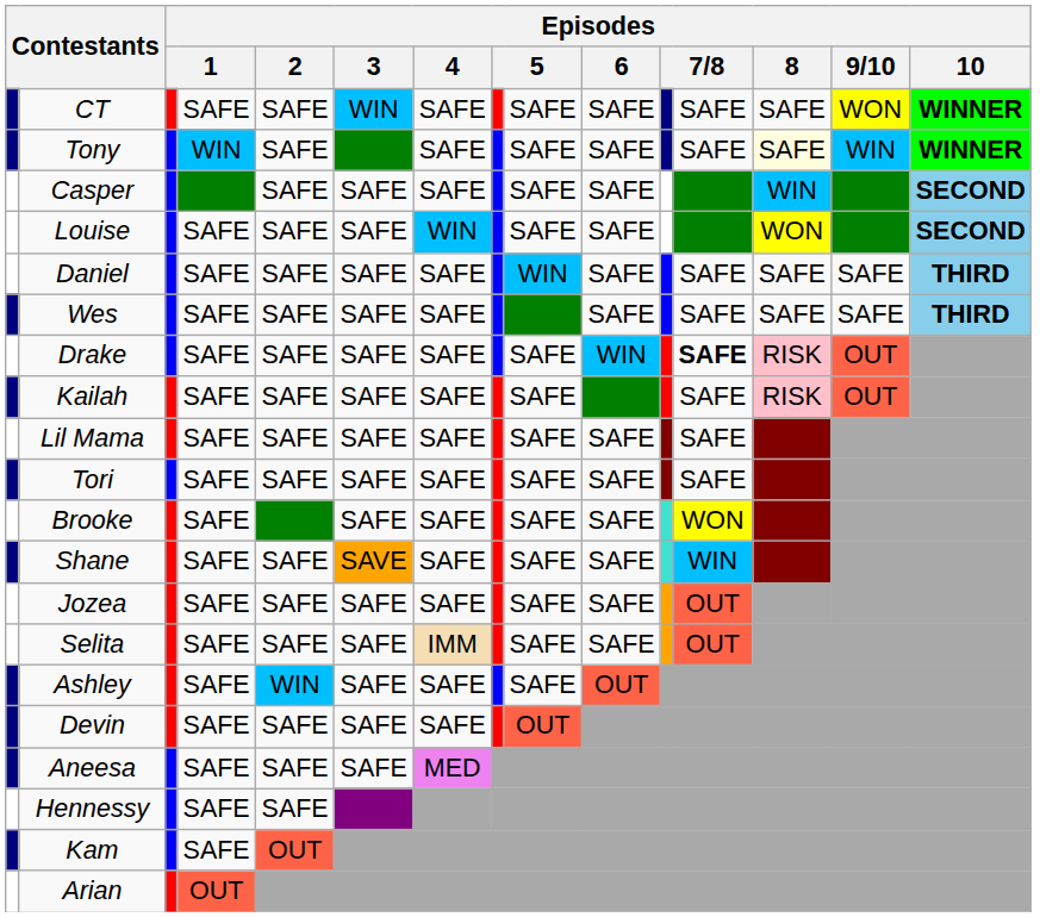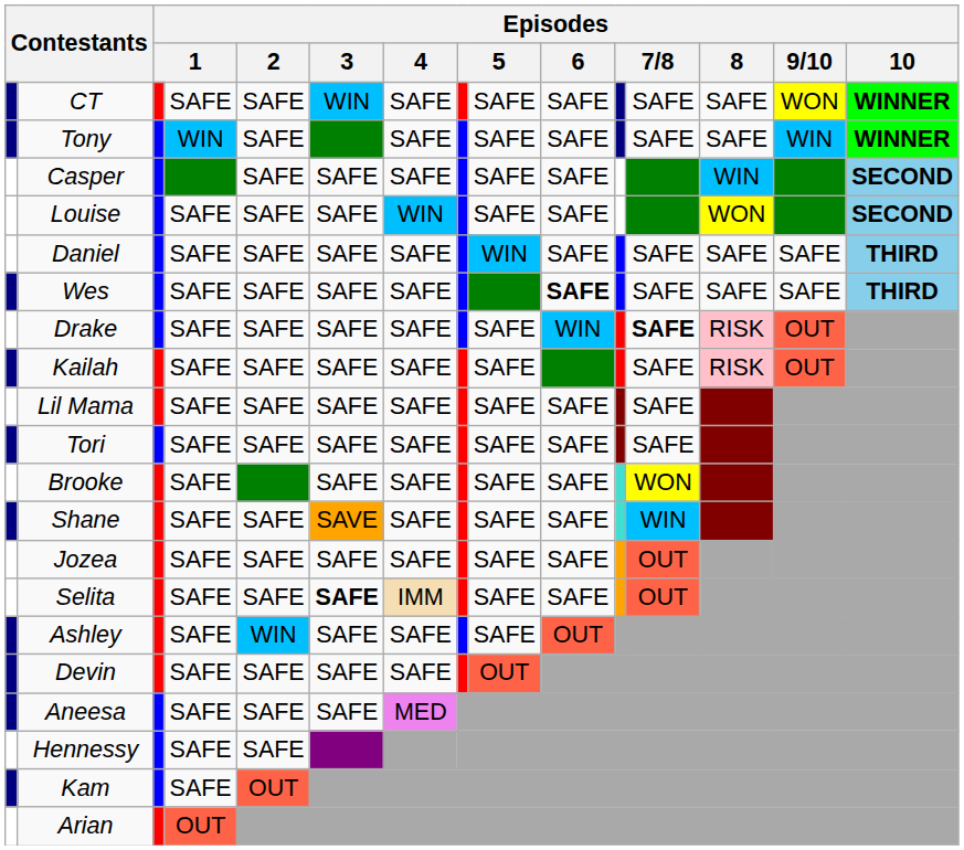 <table class="wikitable" style="text-align:center; font-size:98%">
 <tr>
 <th rowspan=2 colspan=2>Contestants</th>
 <th colspan=13>Episodes</th>
 </tr>
 <tr>
 <th colspan=2>1</th>
 <th>2</th>
 <th>3</th>
 <th>4</th>
 <th colspan=2>5</th>
 <th>6</th>
 <th colspan=2>7/8</th>
 <th>8</th>
 <th>9/10</th>
 <th>10</th>
 </tr>
 <tr>
 <td bgcolor="navy"></td>
 <td nowrap><em>CT</em></td>
 <td bgcolor="red"></td>
 <td>SAFE</td>
 <td>SAFE</td>
 <td bgcolor="deepskyblue">WIN</td>
 <td>SAFE</td>
 <td bgcolor="red"></td>
 <td>SAFE</td>
 <td>SAFE</td>
 <td bgcolor="navy"></td>
 <td>SAFE</td>
 <td>SAFE</td>
 <td bgcolor="yellow">WON</td>
 <td bgcolor="lime"><strong>WINNER</strong></td>
 </tr>
 <tr>
 <td bgcolor="navy"></td>
 <td nowrap><em>Tony</em></td>
 <td bgcolor="blue"></td>
 <td bgcolor="deepskyblue">WIN</td>
 <td>SAFE</td>
 <td bgcolor="green"></td>
 <td>SAFE</td>
 <td bgcolor="blue"></td>
 <td>SAFE</td>
 <td>SAFE</td>
 <td bgcolor="navy"></td>
 <td>SAFE</td>
-<td style="background: lightyellow;">SAFE</td>
+<td>SAFE</td>
 <td bgcolor="deepskyblue">WIN</td>
 <td bgcolor="lime"><strong>WINNER</strong></td>
 </tr>
 <tr>
 <td bgcolor="white"></td>
 <td nowrap><em>Casper</em></td>
 <td bgcolor="blue"></td>
 <td bgcolor="green"></td>
 <td>SAFE</td>
 <td>SAFE</td>
 <td>SAFE</td>
 <td bgcolor="blue"></td>
 <td>SAFE</td>
 <td>SAFE</td>
 <td bgcolor="white"></td>
 <td bgcolor="green"></td>
 <td bgcolor="deepskyblue">WIN</td>
 <td bgcolor="green"></td>
 <td bgcolor="skyblue"><strong>SECOND</strong></td>
 </tr>
 <tr>
 <td bgcolor="white"></td>
 <td nowrap><em>Louise</em></td>
 <td bgcolor="blue"></td>
 <td>SAFE</td>
 <td>SAFE</td>
 <td>SAFE</td>
 <td bgcolor="deepskyblue">WIN</td>
 <td bgcolor="blue"></td>
 <td>SAFE</td>
 <td>SAFE</td>
 <td bgcolor="white"></td>
 <td bgcolor="green"></td>
 <td bgcolor="yellow">WON</td>
 <td bgcolor="green"></td>
 <td bgcolor="skyblue"><strong>SECOND</strong></td>
 </tr>
 <tr>
 <td bgcolor="white"></td>
 <td nowrap><em>Daniel</em></td>
 <td bgcolor="blue"></td>
 <td>SAFE</td>
 <td>SAFE</td>
 <td>SAFE</td>
 <td>SAFE</td>
 <td bgcolor="blue"></td>
 <td bgcolor="deepskyblue">WIN</td>
 <td>SAFE</td>
 <td bgcolor="blue"></td>
 <td>SAFE</td>
 <td>SAFE</td>
 <td>SAFE</td>
 <td bgcolor="skyblue"><strong>THIRD</strong></td>
 </tr>
 <tr>
 <td bgcolor="navy"></td>
 <td nowrap><em>Wes</em></td>
 <td bgcolor="blue"></td>
 <td>SAFE</td>
 <td>SAFE</td>
 <td>SAFE</td>
 <td>SAFE</td>
 <td bgcolor="blue"></td>
 <td bgcolor="green"></td>
-<td>SAFE</td>
+<td><strong>SAFE</strong></td>
 <td bgcolor="blue"></td>
 <td>SAFE</td>
 <td>SAFE</td>
 <td>SAFE</td>
 <td bgcolor="skyblue"><strong>THIRD</strong></td>
 </tr>
 <tr>
 <td bgcolor="white"></td>
 <td nowrap><em>Drake</em></td>
 <td bgcolor="blue"></td>
 <td>SAFE</td>
 <td>SAFE</td>
 <td>SAFE</td>
 <td>SAFE</td>
 <td bgcolor="blue"></td>
 <td>SAFE</td>
 <td bgcolor="deepskyblue">WIN</td>
 <td bgcolor="red"></td>
 <td><strong>SAFE</strong></td>
 <td bgcolor="pink">RISK</td>
 <td bgcolor="tomato">OUT</td>
 <td bgcolor="darkgray" colspan="1"></td>
 </tr>
 <tr>
 <td bgcolor="navy"></td>
 <td nowrap><em>Kailah</em></td>
 <td bgcolor="red"></td>
 <td>SAFE</td>
 <td>SAFE</td>
 <td>SAFE</td>
 <td>SAFE</td>
 <td bgcolor="red"></td>
 <td>SAFE</td>
 <td bgcolor="green"></td>
 <td bgcolor="red"></td>
 <td>SAFE</td>
 <td bgcolor="pink">RISK</td>
 <td bgcolor="tomato">OUT</td>
 <td bgcolor="darkgray" colspan="1"></td>
 </tr>
 <tr>
 <td bgcolor="white"></td>
 <td nowrap><em>Lil Mama</em></td>
 <td bgcolor="red"></td>
 <td>SAFE</td>
 <td>SAFE</td>
 <td>SAFE</td>
 <td>SAFE</td>
 <td bgcolor="red"></td>
 <td>SAFE</td>
 <td>SAFE</td>
 <td bgcolor="maroon"></td>
 <td>SAFE</td>
 <td bgcolor="maroon"></td>
 <td bgcolor="darkgray" colspan="2"></td>
 </tr>
 <tr>
 <td bgcolor="navy"></td>
 <td nowrap><em>Tori</em></td>
 <td bgcolor="blue"></td>
 <td>SAFE</td>
 <td>SAFE</td>
 <td>SAFE</td>
 <td>SAFE</td>
 <td bgcolor="red"></td>
 <td>SAFE</td>
 <td>SAFE</td>
 <td bgcolor="maroon"></td>
 <td>SAFE</td>
 <td bgcolor="maroon"></td>
 <td bgcolor="darkgray" colspan="2"></td>
 </tr>
 <tr>
 <td bgcolor="white"></td>
 <td nowrap><em>Brooke</em></td>
 <td bgcolor="red"></td>
 <td>SAFE</td>
 <td bgcolor="green"></td>
 <td>SAFE</td>
 <td>SAFE</td>
 <td bgcolor="red"></td>
 <td>SAFE</td>
 <td>SAFE</td>
 <td bgcolor="turquoise"></td>
 <td bgcolor="yellow">WON</td>
 <td bgcolor="maroon"></td>
 <td bgcolor="darkgray" colspan="2"></td>
 </tr>
 <tr>
 <td bgcolor="navy"></td>
 <td nowrap><em>Shane</em></td>
 <td bgcolor="red"></td>
 <td>SAFE</td>
 <td>SAFE</td>
 <td bgcolor="orange">SAVE</td>
 <td>SAFE</td>
 <td bgcolor="red"></td>
 <td>SAFE</td>
 <td>SAFE</td>
 <td bgcolor="turquoise"></td>
 <td bgcolor="deepskyblue">WIN</td>
 <td bgcolor="maroon"></td>
 <td bgcolor="darkgray" colspan="2"></td>
 </tr>
 <tr>
 <td bgcolor="white"></td>
 <td nowrap><em>Jozea</em></td>
 <td bgcolor="red"></td>
 <td>SAFE</td>
 <td>SAFE</td>
 <td>SAFE</td>
 <td>SAFE</td>
 <td bgcolor="red"></td>
 <td>SAFE</td>
 <td>SAFE</td>
 <td bgcolor="orange"></td>
 <td bgcolor="tomato">OUT</td>
 <td bgcolor="darkgray"></td>
 <td bgcolor="darkgray" colspan="3"></td>
 </tr>
 <tr>
 <td bgcolor="white"></td>
 <td nowrap><em>Selita</em></td>
 <td bgcolor="red"></td>
 <td>SAFE</td>
 <td>SAFE</td>
-<td>SAFE</td>
+<td><strong>SAFE</strong></td>
 <td bgcolor="wheat">IMM</td>
 <td bgcolor="red"></td>
 <td>SAFE</td>
 <td>SAFE</td>
 <td bgcolor="orange"></td>
 <td bgcolor="tomato">OUT</td>
 <td bgcolor="darkgray" colspan="3"></td>
 </tr>
 <tr>
 <td bgcolor="navy"></td>
 <td nowrap=""><em>Ashley</em></td>
 <td bgcolor="red"></td>
 <td>SAFE</td>
 <td bgcolor="deepskyblue">WIN</td>
 <td>SAFE</td>
 <td>SAFE</td>
 <td bgcolor="blue"></td>
 <td>SAFE</td>
 <td bgcolor="tomato">OUT</td>
 <td bgcolor="darkgray" colspan="5"></td>
 </tr>
 <tr>
 <td bgcolor="navy"></td>
 <td nowrap><em>Devin</em></td>
 <td bgcolor="red"></td>
 <td>SAFE</td>
 <td>SAFE</td>
 <td>SAFE</td>
 <td>SAFE</td>
 <td bgcolor="red"></td>
 <td bgcolor="tomato">OUT</td>
 <td colspan="6" bgcolor="darkgray"></td>
 </tr>
 <tr>
 <td bgcolor="navy"></td>
 <td nowrap><em>Aneesa</em></td>
 <td bgcolor="blue"></td>
 <td>SAFE</td>
 <td>SAFE</td>
 <td>SAFE</td>
 <td bgcolor="violet">MED</td>
 <td colspan="8" bgcolor="darkgray"></td>
 </tr>
 <tr>
 <td bgcolor="white"></td>
 <td nowrap><em>Hennessy</em></td>
 <td bgcolor="blue"></td>
 <td>SAFE</td>
 <td>SAFE</td>
 <td bgcolor="purple"></td>
 <td bgcolor="darkgray"></td>
 <td colspan="9" bgcolor="darkgray"></td>
 </tr>
 <tr>
 <td bgcolor="navy"></td>
 <td nowrap><em>Kam</em></td>
 <td bgcolor="blue"></td>
 <td>SAFE</td>
 <td bgcolor="tomato">OUT</td>
 <td colspan="10" bgcolor="darkgray"></td>
 </tr>
 <tr>
 <td bgcolor="white"></td>
 <td nowrap><em>Arian</em></td>
 <td bgcolor="red"></td>
 <td bgcolor="tomato">OUT</td>
 <td colspan="12" bgcolor="darkgray"></td>
 </tr>
 </table>
